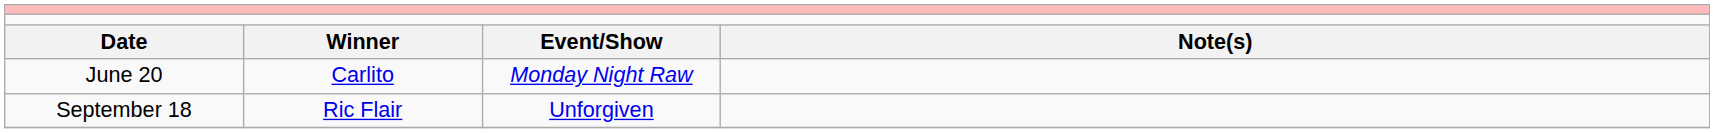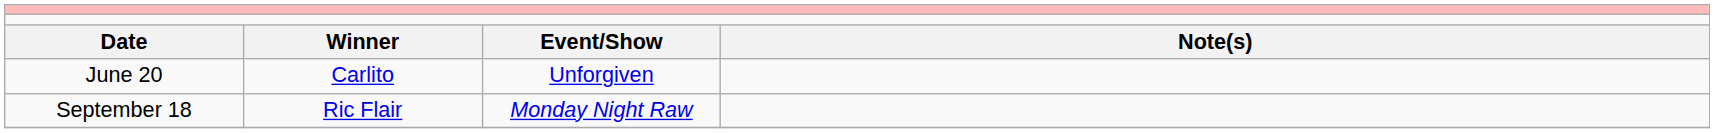 <table class="wikitable" style="text-align:center; width:100%;">
 <tr style="background:#FBB;">
 <td colspan="5"></td>
 </tr>
 <tr>
 <td colspan="5"><strong></strong></td>
 </tr>
 <tr>
 <th width=14%>Date</th>
 <th width=14%>Winner</th>
 <th width=14%>Event/Show</th>
 <th width=58%>Note(s)</th>
 </tr>
 <tr>
 <td>June 20</td>
 <td><a href='#'>Carlito</a></td>
-<td><em><a href='#'>Monday Night Raw</a></em></td>
+<td><a href='#'>Unforgiven</a></td>
 <td></td>
 </tr>
 <tr>
 <td>September 18</td>
 <td><a href='#'>Ric Flair</a></td>
-<td><a href='#'>Unforgiven</a></td>
+<td><em><a href='#'>Monday Night Raw</a></em></td>
 <td></td>
 </tr>
 <tr>
 </tr>
 </table>
